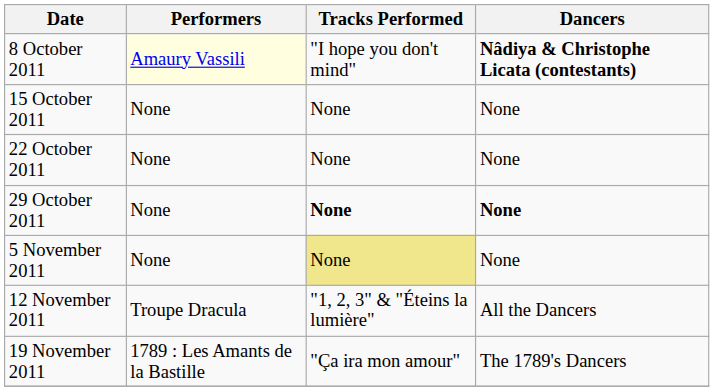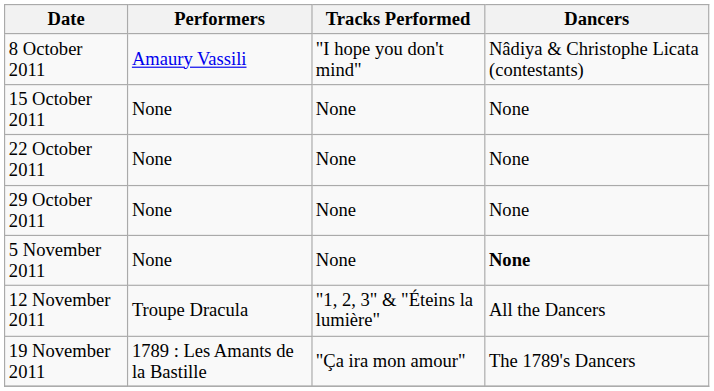 <table class="wikitable">
 <tr>
 <th>Date</th>
 <th>Performers</th>
 <th>Tracks Performed</th>
 <th>Dancers</th>
 </tr>
 <tr>
 <td>8 October 2011</td>
-<td style="background: lightyellow;"><a href='#'>Amaury Vassili</a></td>
+<td><a href='#'>Amaury Vassili</a></td>
 <td>"I hope you don't mind"</td>
-<td><strong>Nâdiya & Christophe Licata (contestants)</strong></td>
+<td>Nâdiya & Christophe Licata (contestants)</td>
 </tr>
 <tr>
 <td>15 October 2011</td>
 <td>None</td>
 <td>None</td>
 <td>None</td>
 </tr>
 <tr>
 <td>22 October 2011</td>
 <td>None</td>
 <td>None</td>
 <td>None</td>
 </tr>
 <tr>
 <td>29 October 2011</td>
 <td>None</td>
-<td><strong>None</strong></td>
-<td><strong>None</strong></td>
+<td>None</td>
+<td>None</td>
 </tr>
 <tr>
 <td>5 November 2011</td>
 <td>None</td>
-<td style="background: khaki;">None</td>
 <td>None</td>
+<td><strong>None</strong></td>
 </tr>
 <tr>
 <td>12 November 2011</td>
 <td>Troupe Dracula</td>
 <td>"1, 2, 3" & "Éteins la lumière"</td>
 <td>All the Dancers</td>
 </tr>
 <tr>
 <td>19 November 2011</td>
 <td>1789 : Les Amants de la Bastille</td>
 <td>"Ça ira mon amour"</td>
 <td>The 1789's Dancers</td>
 </tr>
 <tr>
 </tr>
 </table>
